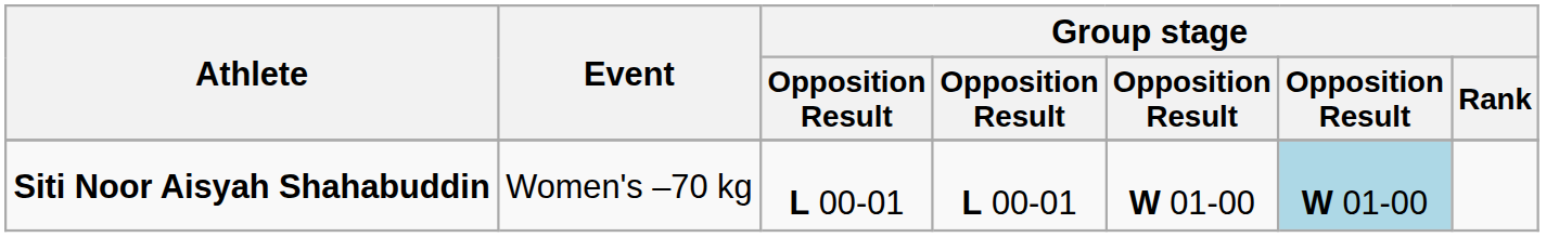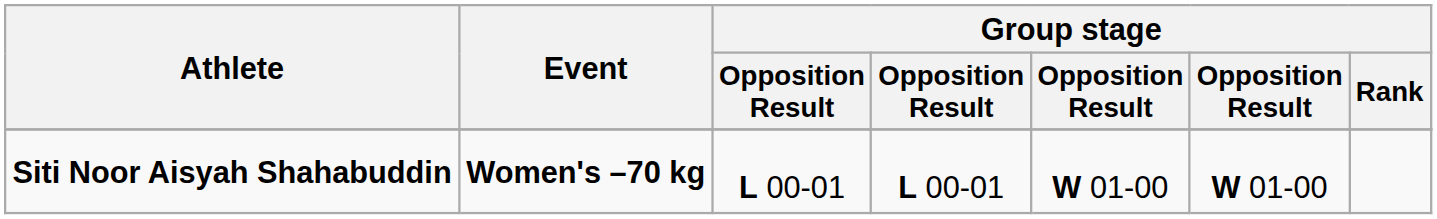 <table class="wikitable" style="font-size:85%">
 <tr>
 <th rowspan=2>Athlete</th>
 <th rowspan=2>Event</th>
 <th colspan=5>Group stage</th>
 </tr>
 <tr style="font-size:90%">
 <th>Opposition<br>Result</th>
 <th>Opposition<br>Result</th>
 <th>Opposition<br>Result</th>
 <th>Opposition<br>Result</th>
 <th>Rank</th>
 </tr>
 <tr>
 </tr>
 <tr align=center>
 <td align=left><strong>Siti Noor Aisyah Shahabuddin</strong></td>
-<td align=left>Women's –70 kg</td>
+<td align=left><strong>Women's –70 kg</strong></td>
 <td><br><strong>L</strong> 00-01</td>
 <td><br><strong>L</strong> 00-01</td>
 <td><br><strong>W</strong> 01-00</td>
-<td style="background: lightblue;"><br><strong>W</strong> 01-00</td>
+<td><br><strong>W</strong> 01-00</td>
 <td></td>
 </tr>
 </table>
